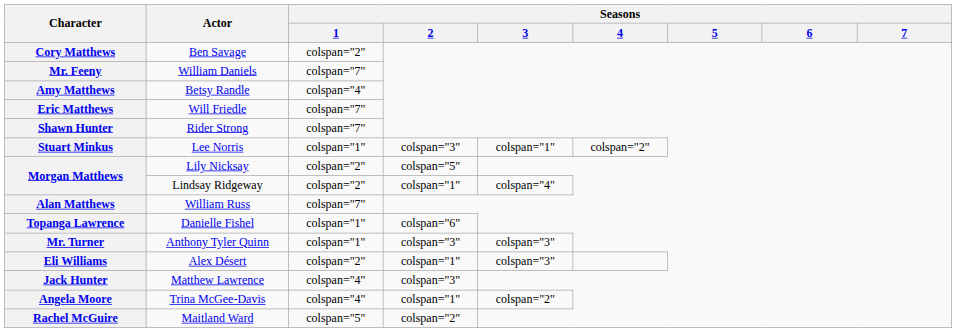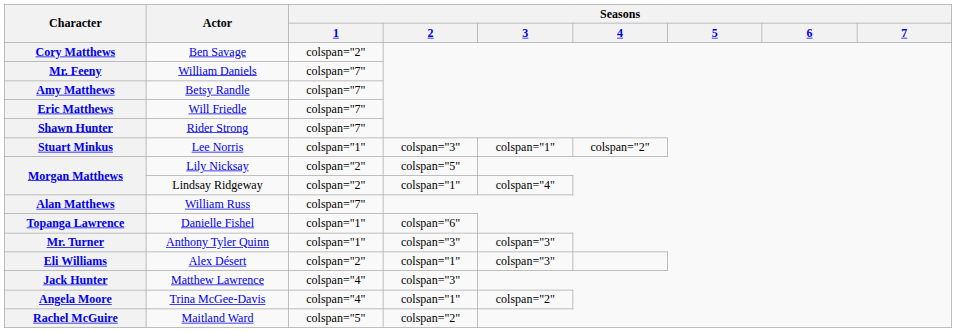 <table class="wikitable plainrowheaders" style="width: 100%; text-align: center">
 <tr>
 <th scope="col" rowspan="2" style="width: 15%">Character</th>
 <th scope="col" rowspan="2" style="width: 15%">Actor</th>
 <th scope="col" colspan="7" style="width: 70%">Seasons</th>
 </tr>
 <tr>
 <th scope="col" style="width: 10%"><a href='#'>1</a></th>
 <th scope="col" style="width: 10%"><a href='#'>2</a></th>
 <th scope="col" style="width: 10%"><a href='#'>3</a></th>
 <th scope="col" style="width: 10%"><a href='#'>4</a></th>
 <th scope="col" style="width: 10%"><a href='#'>5</a></th>
 <th scope="col" style="width: 10%"><a href='#'>6</a></th>
 <th scope="col" style="width: 10%"><a href='#'>7</a></th>
 </tr>
 <tr>
 <th scope="row" style="text-align: center"><a href='#'>Cory Matthews</a></th>
 <td><a href='#'>Ben Savage</a></td>
 <td>colspan="2" </td>
 </tr>
 <tr>
 <th scope="row" style="text-align: center"><a href='#'>Mr. Feeny</a></th>
 <td><a href='#'>William Daniels</a></td>
 <td>colspan="7" </td>
 </tr>
 <tr>
 <th scope="row" style="text-align: center"><a href='#'>Amy Matthews</a></th>
 <td><a href='#'>Betsy Randle</a></td>
-<td>colspan="4" </td>
+<td>colspan="7" </td>
 </tr>
 <tr>
 <th scope="row" style="text-align: center"><a href='#'>Eric Matthews</a></th>
 <td><a href='#'>Will Friedle</a></td>
 <td>colspan="7" </td>
 </tr>
 <tr>
 <th scope="row" style="text-align: center"><a href='#'>Shawn Hunter</a></th>
 <td><a href='#'>Rider Strong</a></td>
 <td>colspan="7" </td>
 </tr>
 <tr>
 <th scope="row" style="text-align: center"><a href='#'>Stuart Minkus</a></th>
 <td><a href='#'>Lee Norris</a></td>
 <td>colspan="1" </td>
 <td>colspan="3" </td>
 <td>colspan="1" </td>
 <td>colspan="2" </td>
 </tr>
 <tr>
 <th scope="row" style="text-align: center" rowspan="2"><a href='#'>Morgan Matthews</a></th>
 <td><a href='#'>Lily Nicksay</a></td>
 <td>colspan="2" </td>
 <td>colspan="5" </td>
 </tr>
 <tr>
 <td>Lindsay Ridgeway</td>
 <td>colspan="2" </td>
 <td>colspan="1" </td>
 <td>colspan="4" </td>
 </tr>
 <tr>
 <th scope="row" style="text-align: center"><a href='#'>Alan Matthews</a></th>
 <td><a href='#'>William Russ</a></td>
 <td>colspan="7" </td>
 </tr>
 <tr>
 <th scope="row" style="text-align: center"><a href='#'>Topanga Lawrence</a></th>
 <td><a href='#'>Danielle Fishel</a></td>
 <td>colspan="1" </td>
 <td>colspan="6" </td>
 </tr>
 <tr>
 <th scope="row" style="text-align: center"><a href='#'>Mr. Turner</a></th>
 <td><a href='#'>Anthony Tyler Quinn</a></td>
 <td>colspan="1" </td>
 <td>colspan="3" </td>
 <td>colspan="3" </td>
 </tr>
 <tr>
 <th scope="row" style="text-align: center"><a href='#'>Eli Williams</a></th>
 <td><a href='#'>Alex Désert</a></td>
 <td>colspan="2" </td>
 <td>colspan="1" </td>
 <td>colspan="3" </td>
 <td></td>
 </tr>
 <tr>
 <th scope="row" style="text-align: center"><a href='#'>Jack Hunter</a></th>
 <td><a href='#'>Matthew Lawrence</a></td>
 <td>colspan="4" </td>
 <td>colspan="3" </td>
 </tr>
 <tr>
 <th scope="row" style="text-align: center"><a href='#'>Angela Moore</a></th>
 <td><a href='#'>Trina McGee-Davis</a></td>
 <td>colspan="4" </td>
 <td>colspan="1" </td>
 <td>colspan="2" </td>
 </tr>
 <tr>
 <th scope="row" style="text-align: center"><a href='#'>Rachel McGuire</a></th>
 <td><a href='#'>Maitland Ward</a></td>
 <td>colspan="5" </td>
 <td>colspan="2" </td>
 </tr>
 </table>
